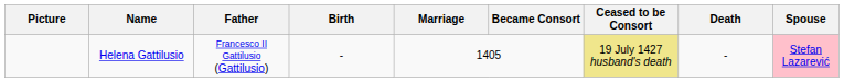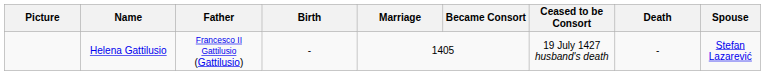 <table style="width:95%;" class="wikitable">
 <tr>
 <th style="width:8%;">Picture</th>
 <th style="width:10%;">Name</th>
 <th style="width:9%;">Father</th>
 <th style="width:10%;">Birth</th>
 <th style="width:9%;">Marriage</th>
 <th style="width:9%;">Became Consort</th>
 <th style="width:9%;">Ceased to be Consort</th>
 <th style="width:9%;">Death</th>
 <th style="width:6%;">Spouse</th>
 </tr>
 <tr>
 <td style="text-align:center;"></td>
 <td style="text-align:center;"><a href='#'>Helena Gattilusio</a></td>
 <td style="text-align:center;"><small><a href='#'>Francesco II Gattilusio</a></small><br>(<a href='#'>Gattilusio</a>)</td>
 <td style="text-align:center;">-</td>
 <td style="text-align:center;" colspan="2">1405</td>
-<td style="background: khaki; text-align:center;">19 July 1427<br><em>husband's death</em></td>
+<td style="text-align:center;">19 July 1427<br><em>husband's death</em></td>
 <td style="text-align:center;">-</td>
-<td style="background: pink; text-align:center;"><a href='#'>Stefan Lazarević</a></td>
+<td style="text-align:center;"><a href='#'>Stefan Lazarević</a></td>
 </tr>
 </table>
